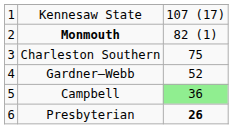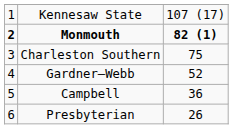 <table class="wikitable">
 <tr align="center">
 </tr>
 <tr align="center">
 <td>1</td>
 <td>Kennesaw State</td>
 <td>107 (17)</td>
 </tr>
 <tr align="center">
-<td>2</td>
+<td><strong>2</strong></td>
 <td><strong>Monmouth</strong></td>
-<td>82 (1)</td>
+<td><strong>82 (1)</strong></td>
 </tr>
 <tr align="center">
 <td>3</td>
 <td>Charleston Southern</td>
 <td>75</td>
 </tr>
 <tr align="center">
 <td>4</td>
 <td>Gardner–Webb</td>
 <td>52</td>
 </tr>
 <tr align="center">
 <td>5</td>
 <td>Campbell</td>
-<td style="background: lightgreen;">36</td>
+<td>36</td>
 </tr>
 <tr align="center">
 <td>6</td>
 <td>Presbyterian</td>
-<td><strong>26</strong></td>
+<td>26</td>
 </tr>
 </table>
